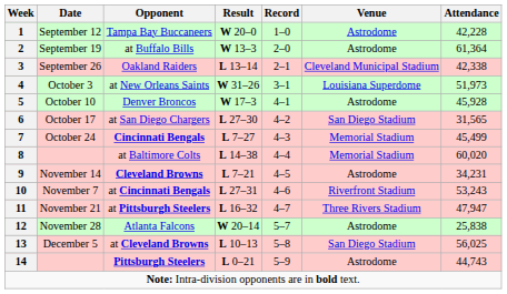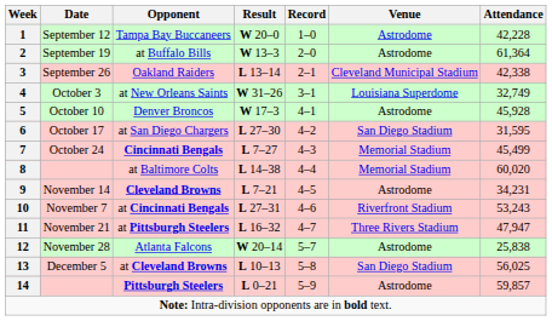 <table class="wikitable" style="text-align:center">
 <tr>
 <th>Week</th>
 <th>Date</th>
 <th>Opponent</th>
 <th>Result</th>
 <th>Record</th>
 <th>Venue</th>
 <th>Attendance</th>
 </tr>
 <tr style="background:#cfc">
 <th>1</th>
 <td>September 12</td>
 <td><a href='#'>Tampa Bay Buccaneers</a></td>
 <td><strong>W</strong> 20–0</td>
 <td>1–0</td>
 <td><a href='#'>Astrodome</a></td>
 <td>42,228</td>
 </tr>
 <tr style="background:#cfc">
 <th>2</th>
 <td>September 19</td>
 <td>at <a href='#'>Buffalo Bills</a></td>
 <td><strong>W</strong> 13–3</td>
 <td>2–0</td>
 <td>Astrodome</td>
 <td>61,364</td>
 </tr>
 <tr style="background:#fcc">
 <th>3</th>
 <td>September 26</td>
 <td><a href='#'>Oakland Raiders</a></td>
 <td><strong>L</strong> 13–14</td>
 <td>2–1</td>
 <td><a href='#'>Cleveland Municipal Stadium</a></td>
 <td>42,338</td>
 </tr>
 <tr style="background:#cfc">
 <th>4</th>
 <td>October 3</td>
 <td>at <a href='#'>New Orleans Saints</a></td>
 <td><strong>W</strong> 31–26</td>
 <td>3–1</td>
 <td><a href='#'>Louisiana Superdome</a></td>
-<td>51,973</td>
+<td>32,749</td>
 </tr>
 <tr style="background:#cfc">
 <th>5</th>
 <td>October 10</td>
 <td><a href='#'>Denver Broncos</a></td>
 <td><strong>W</strong> 17–3</td>
 <td>4–1</td>
 <td>Astrodome</td>
 <td>45,928</td>
 </tr>
 <tr style="background:#fcc">
 <th>6</th>
 <td>October 17</td>
 <td>at <a href='#'>San Diego Chargers</a></td>
 <td><strong>L</strong> 27–30</td>
 <td>4–2</td>
 <td><a href='#'>San Diego Stadium</a></td>
-<td>31,565</td>
+<td>31,595</td>
 </tr>
 <tr style="background:#fcc">
 <th>7</th>
 <td>October 24</td>
 <td><strong><a href='#'>Cincinnati Bengals</a></strong></td>
 <td><strong>L</strong> 7–27</td>
 <td>4–3</td>
 <td><a href='#'>Memorial Stadium</a></td>
 <td>45,499</td>
 </tr>
 <tr style="background:#fcc">
 <th>8</th>
 <td></td>
 <td>at <a href='#'>Baltimore Colts</a></td>
 <td><strong>L</strong> 14–38</td>
 <td>4–4</td>
 <td><a href='#'>Memorial Stadium</a></td>
 <td>60,020</td>
 </tr>
 <tr style="background:#fcc">
 <th>9</th>
 <td>November 14</td>
 <td><strong><a href='#'>Cleveland Browns</a></strong></td>
 <td><strong>L</strong> 7–21</td>
 <td>4–5</td>
 <td>Astrodome</td>
 <td>34,231</td>
 </tr>
 <tr style="background:#fcc">
 <th>10</th>
 <td>November 7</td>
 <td>at <strong><a href='#'>Cincinnati Bengals</a></strong></td>
 <td><strong>L</strong> 27–31</td>
 <td>4–6</td>
 <td><a href='#'>Riverfront Stadium</a></td>
 <td>53,243</td>
 </tr>
 <tr style="background:#fcc">
 <th>11</th>
 <td>November 21</td>
 <td>at <strong><a href='#'>Pittsburgh Steelers</a></strong></td>
 <td><strong>L</strong> 16–32</td>
 <td>4–7</td>
 <td><a href='#'>Three Rivers Stadium</a></td>
 <td>47,947</td>
 </tr>
 <tr style="background:#cfc">
 <th>12</th>
 <td>November 28</td>
 <td><a href='#'>Atlanta Falcons</a></td>
 <td><strong>W</strong> 20–14</td>
 <td>5–7</td>
 <td>Astrodome</td>
 <td>25,838</td>
 </tr>
 <tr style="background:#fcc">
 <th>13</th>
 <td>December 5</td>
 <td>at <strong><a href='#'>Cleveland Browns</a></strong></td>
 <td><strong>L</strong> 10–13</td>
 <td>5–8</td>
 <td><a href='#'>San Diego Stadium</a></td>
 <td>56,025</td>
 </tr>
 <tr style="background:#fcc">
 <th>14</th>
 <td></td>
 <td><strong><a href='#'>Pittsburgh Steelers</a></strong></td>
 <td><strong>L</strong> 0–21</td>
 <td>5–9</td>
 <td>Astrodome</td>
-<td>44,743</td>
+<td>59,857</td>
 </tr>
 <tr>
 <td colspan="8"><strong>Note:</strong> Intra-division opponents are in <strong>bold</strong> text.</td>
 </tr>
 </table>
